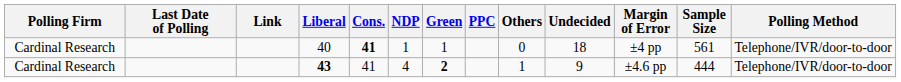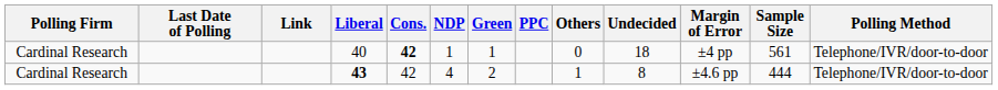 <table class="wikitable sortable" style="text-align:center;font-size:90%;line-height:14px;">
 <tr style="background:#e9e9e9;">
 <th style="width:120px">Polling Firm</th>
 <th style="width:110px">Last Date<br>of Polling</th>
 <th style="width:60px" class="unsortable">Link</th>
 <th style="background-color:"><a href='#'>Liberal</a></th>
 <th style="background-color:"><a href='#'>Cons.</a></th>
 <th style="background-color:"><a href='#'>NDP</a></th>
 <th style="background-color:"><a href='#'>Green</a></th>
 <th style="background-color:"><a href='#'><span>PPC</span></a></th>
 <th style="background-color:">Others</th>
 <th style="background-color:">Undecided</th>
 <th style="width:60px;" class=unsortable>Margin<br>of Error</th>
 <th style="width:50px;" class=unsortable>Sample<br>Size</th>
 <th class=unsortable>Polling Method</th>
 </tr>
 <tr>
 <td>Cardinal Research</td>
 <td></td>
 <td></td>
 <td>40</td>
-<td><strong>41</strong></td>
+<td><strong>42</strong></td>
 <td>1</td>
 <td>1</td>
 <td></td>
 <td>0</td>
 <td>18</td>
 <td>±4 pp</td>
 <td>561</td>
 <td>Telephone/IVR/door-to-door</td>
 </tr>
 <tr>
 <td>Cardinal Research</td>
 <td></td>
 <td></td>
 <td><strong>43</strong></td>
-<td>41</td>
+<td>42</td>
 <td>4</td>
-<td><strong>2</strong></td>
+<td>2</td>
 <td></td>
 <td>1</td>
-<td>9</td>
+<td>8</td>
 <td>±4.6 pp</td>
 <td>444</td>
 <td>Telephone/IVR/door-to-door</td>
 </tr>
 </table>
